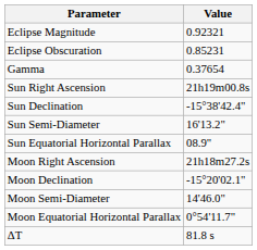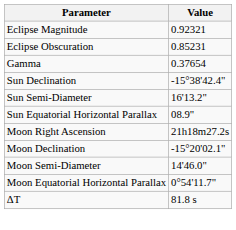 <table class="wikitable">
 <tr>
 <th>Parameter</th>
 <th>Value</th>
 </tr>
 <tr>
 <td>Eclipse Magnitude</td>
 <td>0.92321</td>
 </tr>
 <tr>
 <td>Eclipse Obscuration</td>
 <td>0.85231</td>
 </tr>
 <tr>
 <td>Gamma</td>
 <td>0.37654</td>
-</tr>
-<tr>
-<td>Sun Right Ascension</td>
-<td>21h19m00.8s</td>
 </tr>
 <tr>
 <td>Sun Declination</td>
 <td>-15°38'42.4"</td>
 </tr>
 <tr>
 <td>Sun Semi-Diameter</td>
 <td>16'13.2"</td>
 </tr>
 <tr>
 <td>Sun Equatorial Horizontal Parallax</td>
 <td>08.9"</td>
 </tr>
 <tr>
 <td>Moon Right Ascension</td>
 <td>21h18m27.2s</td>
 </tr>
 <tr>
 <td>Moon Declination</td>
 <td>-15°20'02.1"</td>
 </tr>
 <tr>
 <td>Moon Semi-Diameter</td>
 <td>14'46.0"</td>
 </tr>
 <tr>
 <td>Moon Equatorial Horizontal Parallax</td>
 <td>0°54'11.7"</td>
 </tr>
 <tr>
 <td>ΔT</td>
 <td>81.8 s</td>
 </tr>
 </table>
